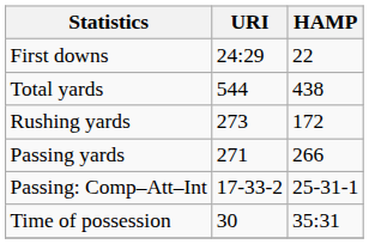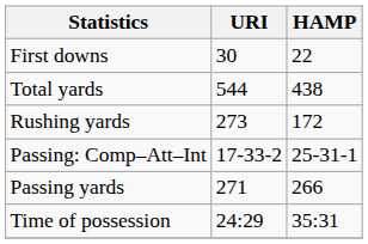 <table class="wikitable" style="float: left;">
 <tr>
 <th>Statistics</th>
 <th>URI</th>
 <th>HAMP</th>
 </tr>
 <tr>
 <td>First downs</td>
-<td>24:29</td>
+<td>30</td>
 <td>22</td>
 </tr>
 <tr>
 <td>Total yards</td>
 <td>544</td>
 <td>438</td>
 </tr>
 <tr>
 <td>Rushing yards</td>
 <td>273</td>
 <td>172</td>
 </tr>
 <tr>
+<td>Passing: Comp–Att–Int</td>
+<td>17-33-2</td>
+<td>25-31-1</td>
+</tr>
+<tr>
 <td>Passing yards</td>
 <td>271</td>
 <td>266</td>
 </tr>
 <tr>
-<td>Passing: Comp–Att–Int</td>
-<td>17-33-2</td>
-<td>25-31-1</td>
-</tr>
-<tr>
 <td>Time of possession</td>
-<td>30</td>
+<td>24:29</td>
 <td>35:31</td>
 </tr>
 <tr>
 </tr>
 </table>
